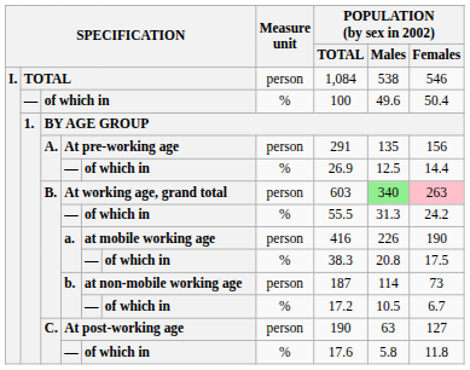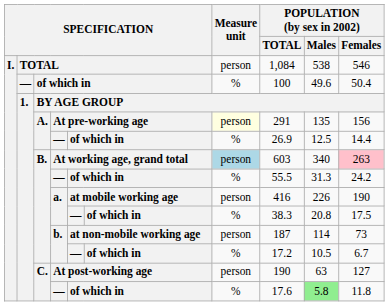 <table class="wikitable" style="font-size:85%; text-align:center">
 <tr>
 <th rowspan="2" colspan="6">SPECIFICATION</th>
 <th rowspan="2">Measure<br> unit</th>
 <th colspan="3" rowspan="1">POPULATION<br> (by sex in 2002)</th>
 </tr>
 <tr>
 <th>TOTAL</th>
 <th>Males</th>
 <th>Females</th>
 </tr>
 <tr>
 <th style="text-align:left" valign="top" rowspan="13">I.</th>
 <th style="text-align:left" colspan="5">TOTAL</th>
 <td>person</td>
 <td>1,084</td>
 <td>538</td>
 <td>546</td>
 </tr>
 <tr>
 <th style="text-align:left" valign="top">—</th>
 <th style="text-align:left" colspan="4">of which in</th>
 <td>%</td>
 <td>100</td>
 <td>49.6</td>
 <td>50.4</td>
 </tr>
 <tr>
 <th style="text-align:left" valign="top" rowspan="11">1.</th>
 <th style="text-align:left" colspan="19">BY AGE GROUP</th>
 </tr>
 <tr>
 <th style="text-align:left" valign="top" rowspan="2">A.</th>
 <th style="text-align:left" colspan="3">At pre-working age</th>
-<td>person</td>
+<td style="background: lightyellow;">person</td>
 <td>291</td>
 <td>135</td>
 <td>156</td>
 </tr>
 <tr>
 <th style="text-align:left" valign="top">—</th>
 <th style="text-align:left" valign="top" colspan="2">of which in</th>
 <td>%</td>
 <td>26.9</td>
 <td>12.5</td>
 <td>14.4</td>
 </tr>
 <tr>
 <th style="text-align:left" valign="top" rowspan="6">B.</th>
 <th style="text-align:left" colspan="3">At working age, grand total</th>
-<td>person</td>
+<td style="background: lightblue;">person</td>
 <td>603</td>
-<td style="background: lightgreen;">340</td>
+<td>340</td>
 <td style="background: pink;">263</td>
 </tr>
 <tr>
 <th style="text-align:left" valign="top">—</th>
 <th style="text-align:left" valign="top" colspan="2">of which in</th>
 <td>%</td>
 <td>55.5</td>
 <td>31.3</td>
 <td>24.2</td>
 </tr>
 <tr>
 <th style="text-align:left" valign="top" rowspan="2">a.</th>
 <th style="text-align:left" colspan="2">at mobile working age</th>
 <td>person</td>
 <td>416</td>
 <td>226</td>
 <td>190</td>
 </tr>
 <tr>
 <th style="text-align:left" valign="top">—</th>
 <th style="text-align:left" valign="top" colspan="1">of which in                        </th>
 <td>%</td>
 <td>38.3</td>
 <td>20.8</td>
 <td>17.5</td>
 </tr>
 <tr>
 <th style="text-align:left" valign="top" rowspan="2">b.</th>
 <th style="text-align:left" colspan="2">at non-mobile working age</th>
 <td>person</td>
 <td>187</td>
 <td>114</td>
 <td>73</td>
 </tr>
 <tr>
 <th style="text-align:left" valign="top">—</th>
 <th style="text-align:left" valign="top" colspan="1">of which in                        </th>
 <td>%</td>
 <td>17.2</td>
 <td>10.5</td>
 <td>6.7</td>
 </tr>
 <tr>
 <th style="text-align:left" valign="top" rowspan="2">C.</th>
 <th style="text-align:left" colspan="3">At post-working age</th>
 <td>person</td>
 <td>190</td>
 <td>63</td>
 <td>127</td>
 </tr>
 <tr>
 <th style="text-align:left" valign="top">—</th>
 <th style="text-align:left" valign="top" colspan="2">of which in</th>
 <td>%</td>
 <td>17.6</td>
-<td>5.8</td>
+<td style="background: lightgreen;">5.8</td>
 <td>11.8</td>
 </tr>
 </table>
